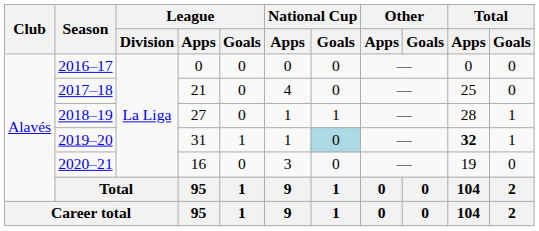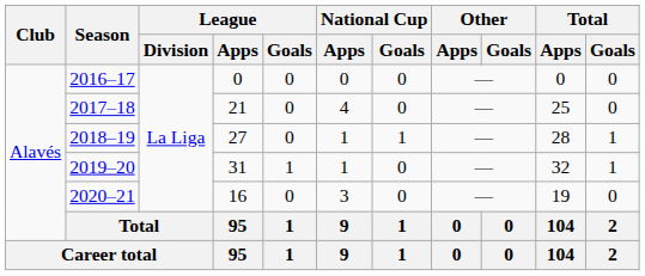 <table class="wikitable" style="text-align:center">
 <tr>
 <th rowspan="2">Club</th>
 <th rowspan="2">Season</th>
 <th colspan="3">League</th>
 <th colspan="2">National Cup</th>
 <th colspan="2">Other</th>
 <th colspan="2">Total</th>
 </tr>
 <tr>
 <th>Division</th>
 <th>Apps</th>
 <th>Goals</th>
 <th>Apps</th>
 <th>Goals</th>
 <th>Apps</th>
 <th>Goals</th>
 <th>Apps</th>
 <th>Goals</th>
 </tr>
 <tr>
 <td rowspan="6"><a href='#'>Alavés</a></td>
 <td><a href='#'>2016–17</a></td>
 <td rowspan="5"><a href='#'>La Liga</a></td>
 <td>0</td>
 <td>0</td>
 <td>0</td>
 <td>0</td>
 <td colspan="2">—</td>
 <td>0</td>
 <td>0</td>
 </tr>
 <tr>
 <td><a href='#'>2017–18</a></td>
 <td>21</td>
 <td>0</td>
 <td>4</td>
 <td>0</td>
 <td colspan="2">—</td>
 <td>25</td>
 <td>0</td>
 </tr>
 <tr>
 <td><a href='#'>2018–19</a></td>
 <td>27</td>
 <td>0</td>
 <td>1</td>
 <td>1</td>
 <td colspan="2">—</td>
 <td>28</td>
 <td>1</td>
 </tr>
 <tr>
 <td><a href='#'>2019–20</a></td>
 <td>31</td>
 <td>1</td>
 <td>1</td>
-<td style="background: lightblue;">0</td>
+<td>0</td>
 <td colspan="2">—</td>
-<td><strong>32</strong></td>
+<td>32</td>
 <td>1</td>
 </tr>
 <tr>
 <td><a href='#'>2020–21</a></td>
 <td>16</td>
 <td>0</td>
 <td>3</td>
 <td>0</td>
 <td colspan="2">—</td>
 <td>19</td>
 <td>0</td>
 </tr>
 <tr>
 <th colspan="2">Total</th>
 <th>95</th>
 <th>1</th>
 <th>9</th>
 <th>1</th>
 <th>0</th>
 <th>0</th>
 <th>104</th>
 <th>2</th>
 </tr>
 <tr>
 <th colspan="3">Career total</th>
 <th>95</th>
 <th>1</th>
 <th>9</th>
 <th>1</th>
 <th>0</th>
 <th>0</th>
 <th>104</th>
 <th>2</th>
 </tr>
 </table>
